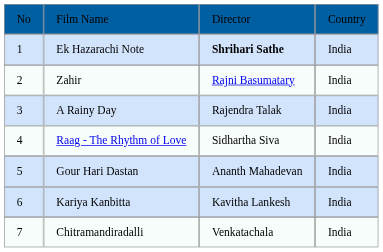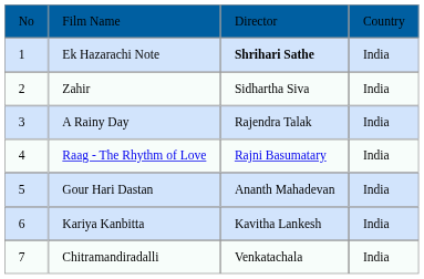 <table style="border-spacing:0;">
 <tr>
 <td style="background-color:#005fa1;border:0.05pt solid #999999;padding-top:0.116in;padding-bottom:0.116in;padding-left:0.1743in;padding-right:0.1743in;"><div>No</div></td>
 <td style="background-color:#005fa1;border:0.05pt solid #999999;padding-top:0.116in;padding-bottom:0.116in;padding-left:0.1743in;padding-right:0.1743in;">Film Name</td>
 <td style="background-color:#005fa1;border:0.05pt solid #999999;padding-top:0.116in;padding-bottom:0.116in;padding-left:0.1743in;padding-right:0.1743in;">Director</td>
 <td style="background-color:#005fa1;border:0.05pt solid #999999;padding-top:0.116in;padding-bottom:0.116in;padding-left:0.1743in;padding-right:0.1743in;">Country</td>
 </tr>
 <tr>
 <td style="background-color:#d2e4fc;border:0.05pt solid #999999;padding-top:0.116in;padding-bottom:0.116in;padding-left:0.1743in;padding-right:0.1743in;"><div>1</div></td>
 <td style="background-color:#d2e4fc;border:0.05pt solid #999999;padding-top:0.116in;padding-bottom:0.116in;padding-left:0.1743in;padding-right:0.1743in;">Ek Hazarachi Note</td>
 <td style="background-color:#d2e4fc;border:0.05pt solid #999999;padding-top:0.116in;padding-bottom:0.116in;padding-left:0.1743in;padding-right:0.1743in;"><strong>Shrihari Sathe</strong></td>
 <td style="background-color:#d2e4fc;border:0.05pt solid #999999;padding-top:0.116in;padding-bottom:0.116in;padding-left:0.1743in;padding-right:0.1743in;">India</td>
 </tr>
 <tr>
 <td style="background-color:#f7fdfa;border:0.05pt solid #999999;padding-top:0.116in;padding-bottom:0.116in;padding-left:0.1743in;padding-right:0.1743in;"><div>2</div></td>
 <td style="background-color:#f7fdfa;border:0.05pt solid #999999;padding-top:0.116in;padding-bottom:0.116in;padding-left:0.1743in;padding-right:0.1743in;">Zahir</td>
-<td style="background-color:#f7fdfa;border:0.05pt solid #999999;padding-top:0.116in;padding-bottom:0.116in;padding-left:0.1743in;padding-right:0.1743in;"><a href='#'>Rajni Basumatary</a></td>
+<td style="background-color:#f7fdfa;border:0.05pt solid #999999;padding-top:0.116in;padding-bottom:0.116in;padding-left:0.1743in;padding-right:0.1743in;">Sidhartha Siva</td>
 <td style="background-color:#f7fdfa;border:0.05pt solid #999999;padding-top:0.116in;padding-bottom:0.116in;padding-left:0.1743in;padding-right:0.1743in;">India</td>
 </tr>
 <tr>
 <td style="background-color:#d2e4fc;border:0.05pt solid #999999;padding-top:0.116in;padding-bottom:0.116in;padding-left:0.1743in;padding-right:0.1743in;"><div>3</div></td>
 <td style="background-color:#d2e4fc;border:0.05pt solid #999999;padding-top:0.116in;padding-bottom:0.116in;padding-left:0.1743in;padding-right:0.1743in;">A Rainy Day</td>
 <td style="background-color:#d2e4fc;border:0.05pt solid #999999;padding-top:0.116in;padding-bottom:0.116in;padding-left:0.1743in;padding-right:0.1743in;">Rajendra Talak</td>
 <td style="background-color:#d2e4fc;border:0.05pt solid #999999;padding-top:0.116in;padding-bottom:0.116in;padding-left:0.1743in;padding-right:0.1743in;">India</td>
 </tr>
 <tr>
 <td style="background-color:#f7fdfa;border:0.05pt solid #999999;padding-top:0.116in;padding-bottom:0.116in;padding-left:0.1743in;padding-right:0.1743in;"><div>4</div></td>
 <td style="background-color:#f7fdfa;border:0.05pt solid #999999;padding-top:0.116in;padding-bottom:0.116in;padding-left:0.1743in;padding-right:0.1743in;"><a href='#'>Raag - The Rhythm of Love</a></td>
-<td style="background-color:#f7fdfa;border:0.05pt solid #999999;padding-top:0.116in;padding-bottom:0.116in;padding-left:0.1743in;padding-right:0.1743in;">Sidhartha Siva</td>
+<td style="background-color:#f7fdfa;border:0.05pt solid #999999;padding-top:0.116in;padding-bottom:0.116in;padding-left:0.1743in;padding-right:0.1743in;"><a href='#'>Rajni Basumatary</a></td>
 <td style="background-color:#f7fdfa;border:0.05pt solid #999999;padding-top:0.116in;padding-bottom:0.116in;padding-left:0.1743in;padding-right:0.1743in;">India</td>
 </tr>
 <tr>
 <td style="background-color:#d2e4fc;border:0.05pt solid #999999;padding-top:0.116in;padding-bottom:0.116in;padding-left:0.1743in;padding-right:0.1743in;"><div>5</div></td>
 <td style="background-color:#d2e4fc;border:0.05pt solid #999999;padding-top:0.116in;padding-bottom:0.116in;padding-left:0.1743in;padding-right:0.1743in;">Gour Hari Dastan</td>
 <td style="background-color:#d2e4fc;border:0.05pt solid #999999;padding-top:0.116in;padding-bottom:0.116in;padding-left:0.1743in;padding-right:0.1743in;">Ananth Mahadevan</td>
 <td style="background-color:#d2e4fc;border:0.05pt solid #999999;padding-top:0.116in;padding-bottom:0.116in;padding-left:0.1743in;padding-right:0.1743in;">India</td>
 </tr>
 <tr>
 <td style="background-color:#d2e4fc;border:0.05pt solid #999999;padding-top:0.116in;padding-bottom:0.116in;padding-left:0.1743in;padding-right:0.1743in;"><div>6</div></td>
 <td style="background-color:#d2e4fc;border:0.05pt solid #999999;padding-top:0.116in;padding-bottom:0.116in;padding-left:0.1743in;padding-right:0.1743in;">Kariya Kanbitta</td>
 <td style="background-color:#d2e4fc;border:0.05pt solid #999999;padding-top:0.116in;padding-bottom:0.116in;padding-left:0.1743in;padding-right:0.1743in;">Kavitha Lankesh</td>
 <td style="background-color:#d2e4fc;border:0.05pt solid #999999;padding-top:0.116in;padding-bottom:0.116in;padding-left:0.1743in;padding-right:0.1743in;">India</td>
 </tr>
 <tr>
 <td style="background-color:#f7fdfa;border:0.05pt solid #999999;padding-top:0.116in;padding-bottom:0.116in;padding-left:0.1743in;padding-right:0.1743in;"><div>7</div></td>
 <td style="background-color:#f7fdfa;border:0.05pt solid #999999;padding-top:0.116in;padding-bottom:0.116in;padding-left:0.1743in;padding-right:0.1743in;">Chitramandiradalli</td>
 <td style="background-color:#f7fdfa;border:0.05pt solid #999999;padding-top:0.116in;padding-bottom:0.116in;padding-left:0.1743in;padding-right:0.1743in;">Venkatachala</td>
 <td style="background-color:#f7fdfa;border:0.05pt solid #999999;padding-top:0.116in;padding-bottom:0.116in;padding-left:0.1743in;padding-right:0.1743in;">India</td>
 </tr>
 </table>
